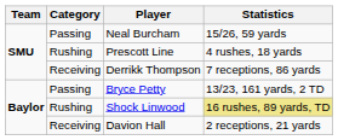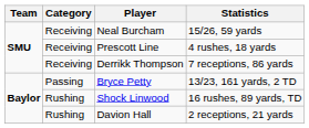 <table class="wikitable" style="float: left;">
 <tr>
 <th>Team</th>
 <th>Category</th>
 <th>Player</th>
 <th>Statistics</th>
 </tr>
 <tr>
 <td rowspan=3><strong>SMU</strong></td>
-<td>Passing</td>
+<td>Receiving</td>
 <td>Neal Burcham</td>
 <td>15/26, 59 yards</td>
 </tr>
 <tr>
-<td>Rushing</td>
+<td>Receiving</td>
 <td>Prescott Line</td>
 <td>4 rushes, 18 yards</td>
 </tr>
 <tr>
 <td>Receiving</td>
 <td>Derrikk Thompson</td>
 <td>7 receptions, 86 yards</td>
 </tr>
 <tr>
 <td rowspan=3><strong>Baylor</strong></td>
 <td>Passing</td>
 <td><a href='#'>Bryce Petty</a></td>
 <td>13/23, 161 yards, 2 TD</td>
 </tr>
 <tr>
 <td>Rushing</td>
 <td><a href='#'>Shock Linwood</a></td>
-<td style="background: khaki;">16 rushes, 89 yards, TD</td>
+<td>16 rushes, 89 yards, TD</td>
 </tr>
 <tr>
-<td>Receiving</td>
+<td>Rushing</td>
 <td>Davion Hall</td>
 <td>2 receptions, 21 yards</td>
 </tr>
 </table>
